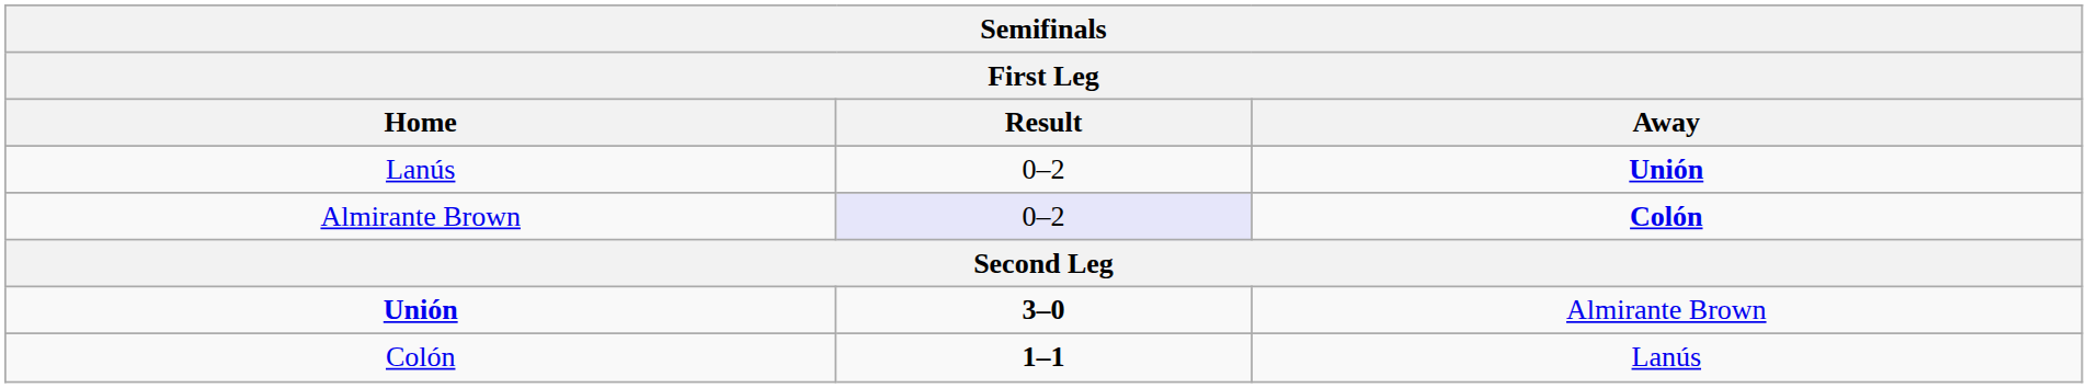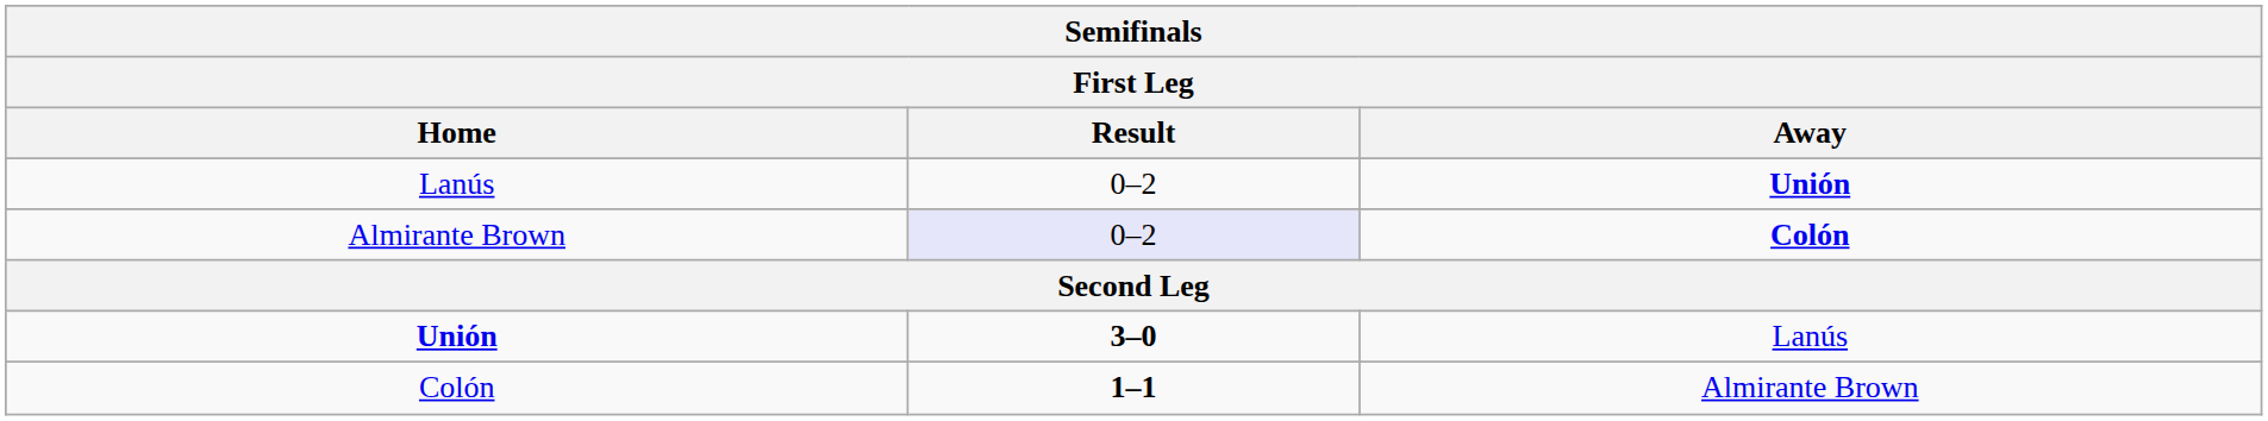 <table align=center class="wikitable collapsible collapsed" style="font-size:95%; text-align: center; width: 70%;">
 <tr>
 <th colspan=100% style="with: 100%;" align=center>Semifinals</th>
 </tr>
 <tr>
 <th colspan=100% style="with: 75%;" align=center>First Leg</th>
 </tr>
 <tr>
 <th width=30%>Home</th>
 <th width=15%>Result</th>
 <th width=30%>Away</th>
 </tr>
 <tr align=center>
 <td><a href='#'>Lanús</a></td>
 <td>0–2</td>
 <td><strong><a href='#'>Unión</a></strong></td>
 </tr>
 <tr align=center>
 <td><a href='#'>Almirante Brown</a></td>
 <td style="background: lavender;">0–2</td>
 <td><strong><a href='#'>Colón</a></strong></td>
 </tr>
 <tr>
 <th colspan=100% style="with: 75%;" align=center>Second Leg</th>
 </tr>
 <tr align=center>
 <td><strong><a href='#'>Unión</a></strong></td>
 <td><strong>3–0</strong></td>
-<td><a href='#'>Almirante Brown</a></td>
+<td><a href='#'>Lanús</a></td>
 </tr>
 <tr align=center>
 <td><a href='#'>Colón</a></td>
 <td><strong>1–1</strong></td>
-<td><a href='#'>Lanús</a></td>
+<td><a href='#'>Almirante Brown</a></td>
 </tr>
 </table>
